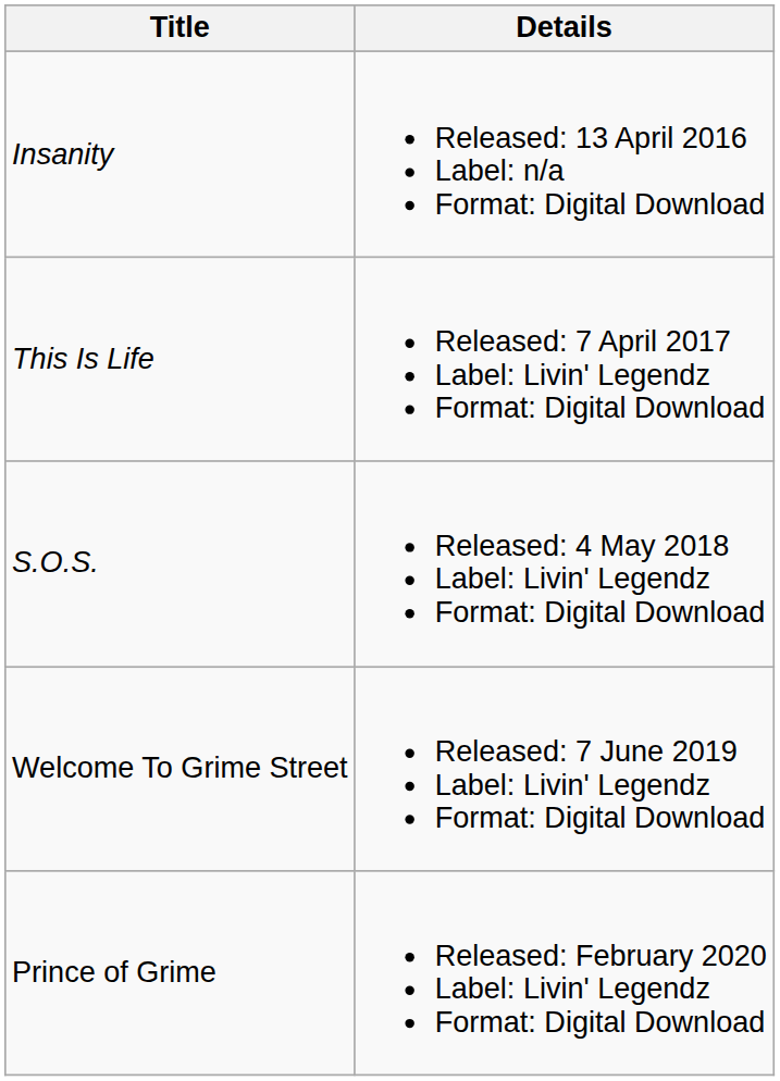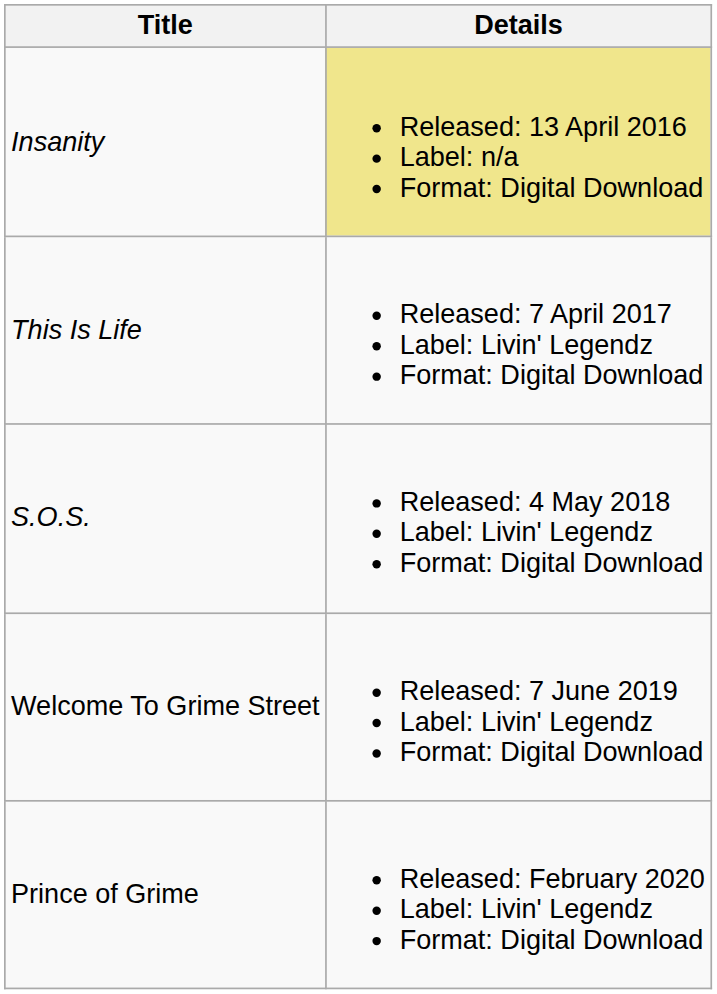 <table class="wikitable">
 <tr>
 <th>Title</th>
 <th>Details</th>
 </tr>
 <tr>
 <td><em>Insanity</em></td>
-<td><br><ul><li>Released: 13 April 2016</li><li>Label: n/a</li><li>Format: Digital Download</li></ul></td>
+<td style="background: khaki;"><br><ul><li>Released: 13 April 2016</li><li>Label: n/a</li><li>Format: Digital Download</li></ul></td>
 </tr>
 <tr>
 <td><em>This Is Life</em></td>
 <td><br><ul><li>Released: 7 April 2017</li><li>Label: Livin' Legendz</li><li>Format: Digital Download</li></ul></td>
 </tr>
 <tr>
 <td><em>S.O.S.</em></td>
 <td><br><ul><li>Released: 4 May 2018</li><li>Label: Livin' Legendz</li><li>Format: Digital Download</li></ul></td>
 </tr>
 <tr>
 <td>Welcome To Grime Street</td>
 <td><br><ul><li>Released: 7 June 2019</li><li>Label: Livin' Legendz</li><li>Format: Digital Download</li></ul></td>
 </tr>
 <tr>
 <td>Prince of Grime</td>
 <td><br><ul><li>Released: February 2020</li><li>Label: Livin' Legendz</li><li>Format: Digital Download</li></ul></td>
 </tr>
 </table>
